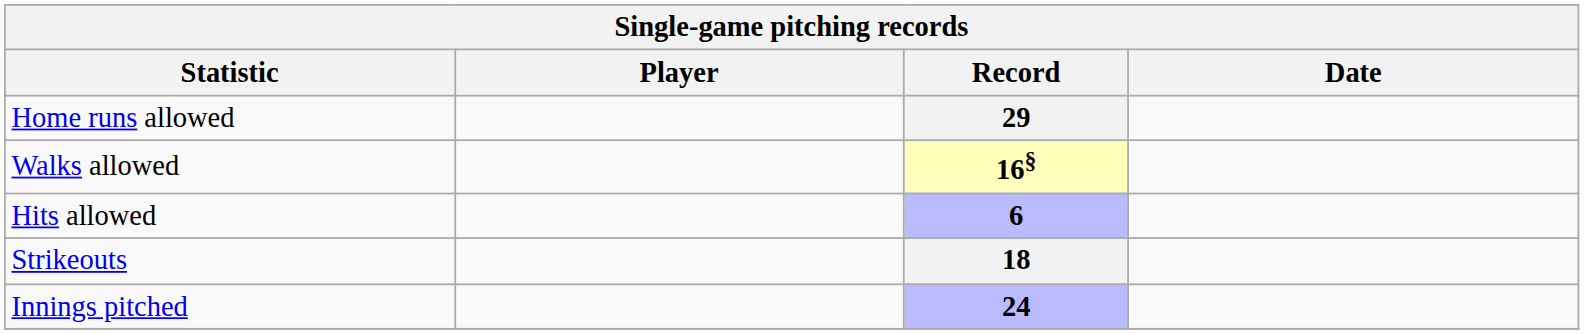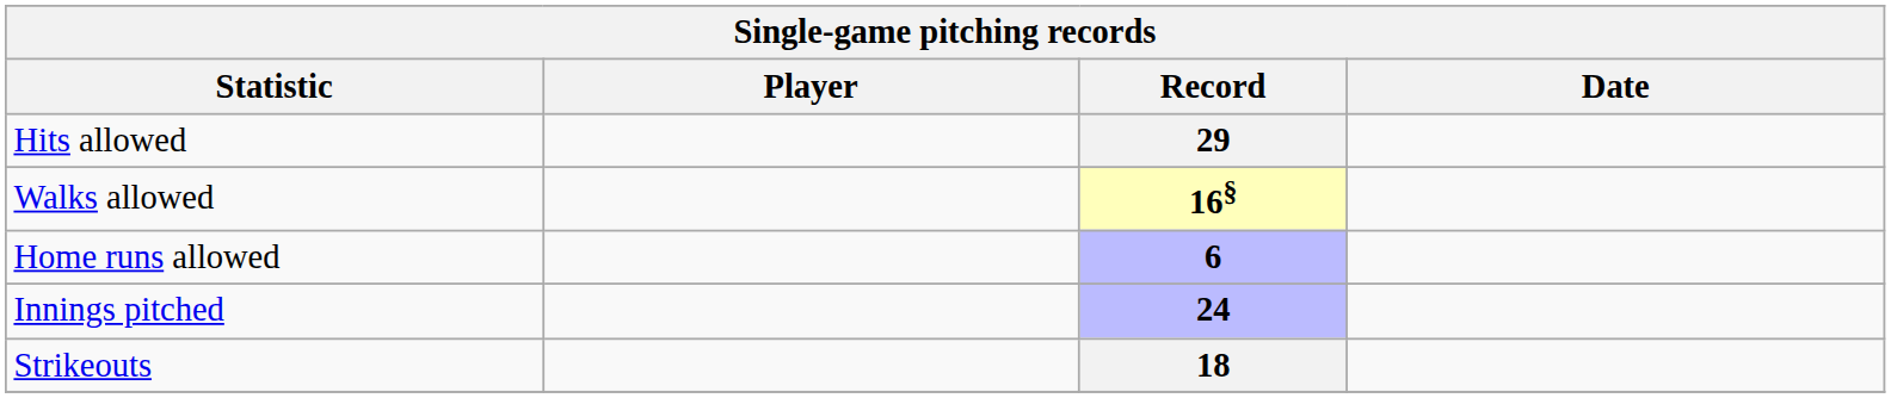 <table class="wikitable" style="text-align:left" width="70%">
 <tr>
 <th colspan=4>Single-game pitching records</th>
 </tr>
 <tr>
 <th scope="col" width=20%>Statistic</th>
 <th scope="col" width=20%>Player</th>
 <th scope="col" width=10% class="unsortable">Record</th>
 <th scope="col" width=20%>Date</th>
 </tr>
 <tr>
-<td><a href='#'>Home runs</a> allowed</td>
+<td><a href='#'>Hits</a> allowed</td>
 <td></td>
 <th scope="row">29</th>
 <td></td>
 </tr>
 <tr>
 <td><a href='#'>Walks</a> allowed</td>
 <td></td>
 <th scope="row" style="background-color:#ffffbb">16<sup>§</sup></th>
 <td></td>
 </tr>
 <tr>
-<td><a href='#'>Hits</a> allowed</td>
+<td><a href='#'>Home runs</a> allowed</td>
 <td></td>
 <th scope="row" style="background-color:#bbbbff">6</th>
+<td></td>
+</tr>
+<tr>
+<td><a href='#'>Innings pitched</a></td>
+<td></td>
+<th scope="row" style="background-color:#bbbbff">24</th>
 <td></td>
 </tr>
 <tr>
 <td><a href='#'>Strikeouts</a></td>
 <td></td>
 <th scope="row">18</th>
 <td></td>
 </tr>
 <tr>
-<td><a href='#'>Innings pitched</a></td>
-<td></td>
-<th scope="row" style="background-color:#bbbbff">24</th>
-<td></td>
-</tr>
-<tr>
 </tr>
 </table>
